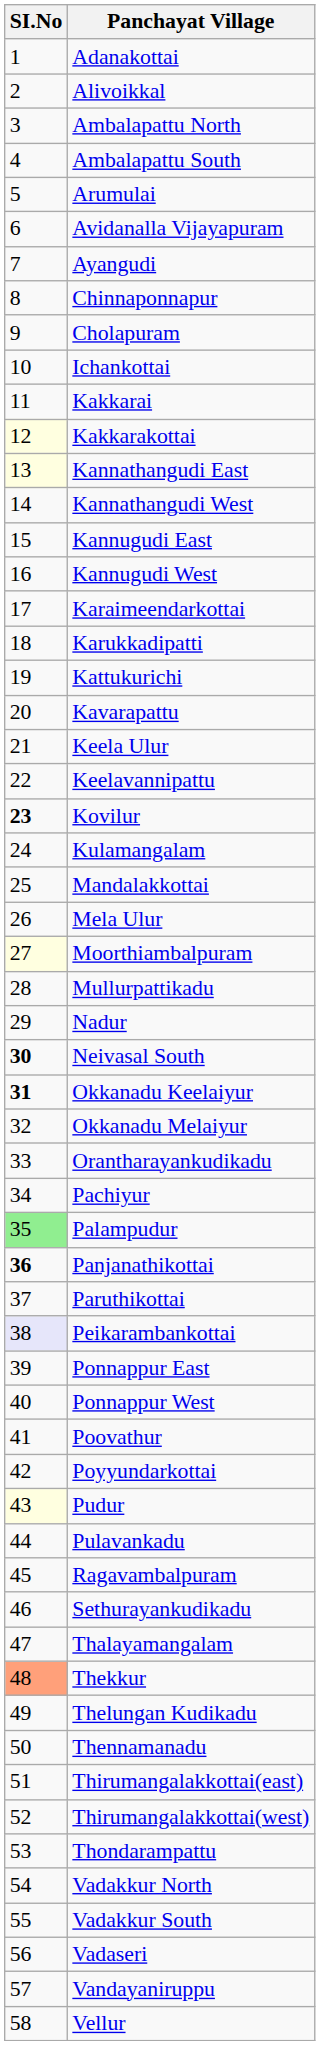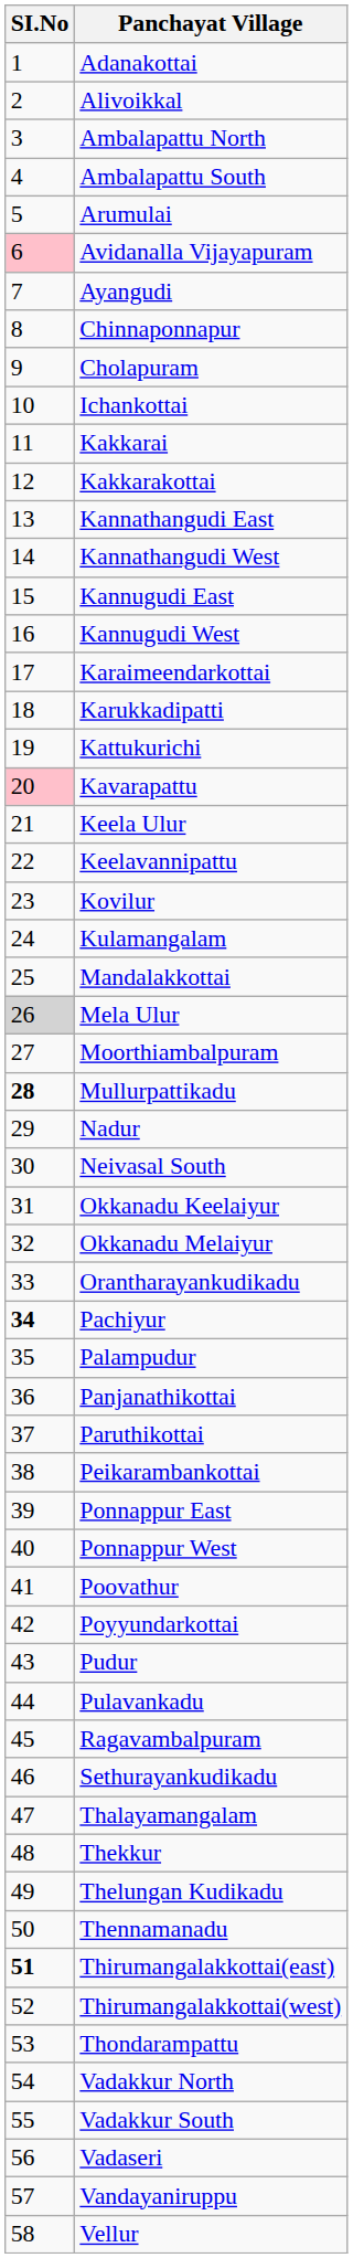 <table class="wikitable sortable">
 <tr>
 <th>SI.No</th>
 <th>Panchayat Village</th>
 </tr>
 <tr>
 <td>1</td>
 <td><a href='#'>Adanakottai</a></td>
 </tr>
 <tr>
 <td>2</td>
 <td><a href='#'>Alivoikkal</a></td>
 </tr>
 <tr>
 <td>3</td>
 <td><a href='#'>Ambalapattu North</a></td>
 </tr>
 <tr>
 <td>4</td>
 <td><a href='#'>Ambalapattu South</a></td>
 </tr>
 <tr>
 <td>5</td>
 <td><a href='#'>Arumulai</a></td>
 </tr>
 <tr>
-<td>6</td>
+<td style="background: pink;">6</td>
 <td><a href='#'>Avidanalla Vijayapuram</a></td>
 </tr>
 <tr>
 <td>7</td>
 <td><a href='#'>Ayangudi</a></td>
 </tr>
 <tr>
 <td>8</td>
 <td><a href='#'>Chinnaponnapur</a></td>
 </tr>
 <tr>
 <td>9</td>
 <td><a href='#'>Cholapuram</a></td>
 </tr>
 <tr>
 <td>10</td>
 <td><a href='#'>Ichankottai</a></td>
 </tr>
 <tr>
 <td>11</td>
 <td><a href='#'>Kakkarai</a></td>
 </tr>
 <tr>
-<td style="background: lightyellow;">12</td>
+<td>12</td>
 <td><a href='#'>Kakkarakottai</a></td>
 </tr>
 <tr>
-<td style="background: lightyellow;">13</td>
+<td>13</td>
 <td><a href='#'>Kannathangudi East</a></td>
 </tr>
 <tr>
 <td>14</td>
 <td><a href='#'>Kannathangudi West</a></td>
 </tr>
 <tr>
 <td>15</td>
 <td><a href='#'>Kannugudi East</a></td>
 </tr>
 <tr>
 <td>16</td>
 <td><a href='#'>Kannugudi West</a></td>
 </tr>
 <tr>
 <td>17</td>
 <td><a href='#'>Karaimeendarkottai</a></td>
 </tr>
 <tr>
 <td>18</td>
 <td><a href='#'>Karukkadipatti</a></td>
 </tr>
 <tr>
 <td>19</td>
 <td><a href='#'>Kattukurichi</a></td>
 </tr>
 <tr>
-<td>20</td>
+<td style="background: pink;">20</td>
 <td><a href='#'>Kavarapattu</a></td>
 </tr>
 <tr>
 <td>21</td>
 <td><a href='#'>Keela Ulur</a></td>
 </tr>
 <tr>
 <td>22</td>
 <td><a href='#'>Keelavannipattu</a></td>
 </tr>
 <tr>
-<td><strong>23</strong></td>
+<td>23</td>
 <td><a href='#'>Kovilur</a></td>
 </tr>
 <tr>
 <td>24</td>
 <td><a href='#'>Kulamangalam</a></td>
 </tr>
 <tr>
 <td>25</td>
 <td><a href='#'>Mandalakkottai</a></td>
 </tr>
 <tr>
-<td>26</td>
+<td style="background: lightgrey;">26</td>
 <td><a href='#'>Mela Ulur</a></td>
 </tr>
 <tr>
-<td style="background: lightyellow;">27</td>
+<td>27</td>
 <td><a href='#'>Moorthiambalpuram</a></td>
 </tr>
 <tr>
-<td>28</td>
+<td><strong>28</strong></td>
 <td><a href='#'>Mullurpattikadu</a></td>
 </tr>
 <tr>
 <td>29</td>
 <td><a href='#'>Nadur</a></td>
 </tr>
 <tr>
-<td><strong>30</strong></td>
+<td>30</td>
 <td><a href='#'>Neivasal South</a></td>
 </tr>
 <tr>
-<td><strong>31</strong></td>
+<td>31</td>
 <td><a href='#'>Okkanadu Keelaiyur</a></td>
 </tr>
 <tr>
 <td>32</td>
 <td><a href='#'>Okkanadu Melaiyur</a></td>
 </tr>
 <tr>
 <td>33</td>
 <td><a href='#'>Orantharayankudikadu</a></td>
 </tr>
 <tr>
-<td>34</td>
+<td><strong>34</strong></td>
 <td><a href='#'>Pachiyur</a></td>
 </tr>
 <tr>
-<td style="background: lightgreen;">35</td>
+<td>35</td>
 <td><a href='#'>Palampudur</a></td>
 </tr>
 <tr>
-<td><strong>36</strong></td>
+<td>36</td>
 <td><a href='#'>Panjanathikottai</a></td>
 </tr>
 <tr>
 <td>37</td>
 <td><a href='#'>Paruthikottai</a></td>
 </tr>
 <tr>
-<td style="background: lavender;">38</td>
+<td>38</td>
 <td><a href='#'>Peikarambankottai</a></td>
 </tr>
 <tr>
 <td>39</td>
 <td><a href='#'>Ponnappur East</a></td>
 </tr>
 <tr>
 <td>40</td>
 <td><a href='#'>Ponnappur West</a></td>
 </tr>
 <tr>
 <td>41</td>
 <td><a href='#'>Poovathur</a></td>
 </tr>
 <tr>
 <td>42</td>
 <td><a href='#'>Poyyundarkottai</a></td>
 </tr>
 <tr>
-<td style="background: lightyellow;">43</td>
+<td>43</td>
 <td><a href='#'>Pudur</a></td>
 </tr>
 <tr>
 <td>44</td>
 <td><a href='#'>Pulavankadu</a></td>
 </tr>
 <tr>
 <td>45</td>
 <td><a href='#'>Ragavambalpuram</a></td>
 </tr>
 <tr>
 <td>46</td>
 <td><a href='#'>Sethurayankudikadu</a></td>
 </tr>
 <tr>
 <td>47</td>
 <td><a href='#'>Thalayamangalam</a></td>
 </tr>
 <tr>
-<td style="background: lightsalmon;">48</td>
+<td>48</td>
 <td><a href='#'>Thekkur</a></td>
 </tr>
 <tr>
 <td>49</td>
 <td><a href='#'>Thelungan Kudikadu</a></td>
 </tr>
 <tr>
 <td>50</td>
 <td><a href='#'>Thennamanadu</a></td>
 </tr>
 <tr>
-<td>51</td>
+<td><strong>51</strong></td>
 <td><a href='#'>Thirumangalakkottai(east)</a></td>
 </tr>
 <tr>
 <td>52</td>
 <td><a href='#'>Thirumangalakkottai(west)</a></td>
 </tr>
 <tr>
 <td>53</td>
 <td><a href='#'>Thondarampattu</a></td>
 </tr>
 <tr>
 <td>54</td>
 <td><a href='#'>Vadakkur North</a></td>
 </tr>
 <tr>
 <td>55</td>
 <td><a href='#'>Vadakkur South</a></td>
 </tr>
 <tr>
 <td>56</td>
 <td><a href='#'>Vadaseri</a></td>
 </tr>
 <tr>
 <td>57</td>
 <td><a href='#'>Vandayaniruppu</a></td>
 </tr>
 <tr>
 <td>58</td>
 <td><a href='#'>Vellur</a></td>
 </tr>
 </table>
